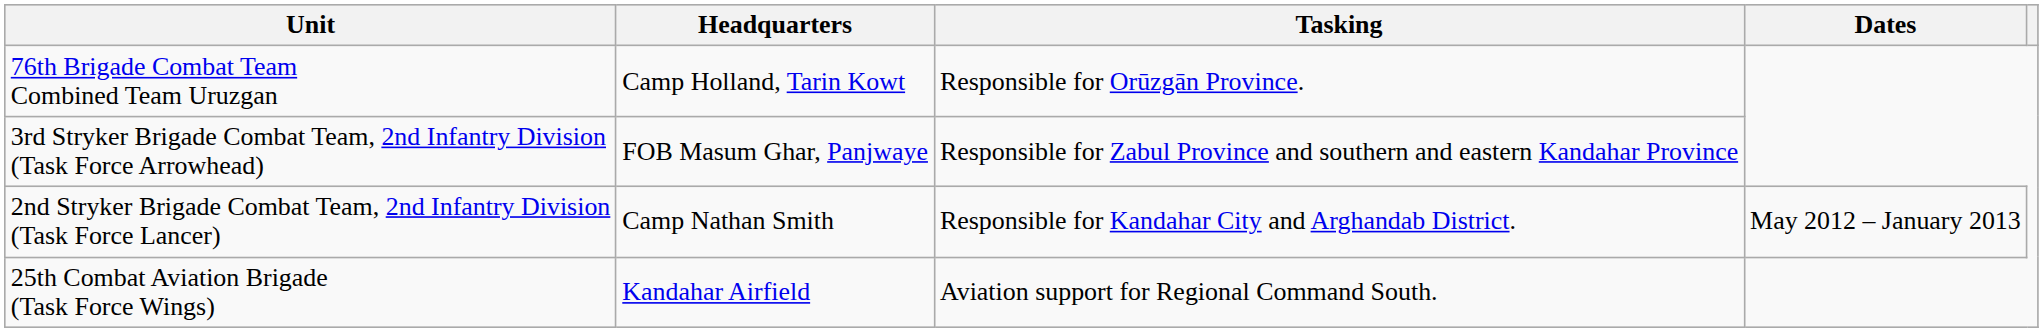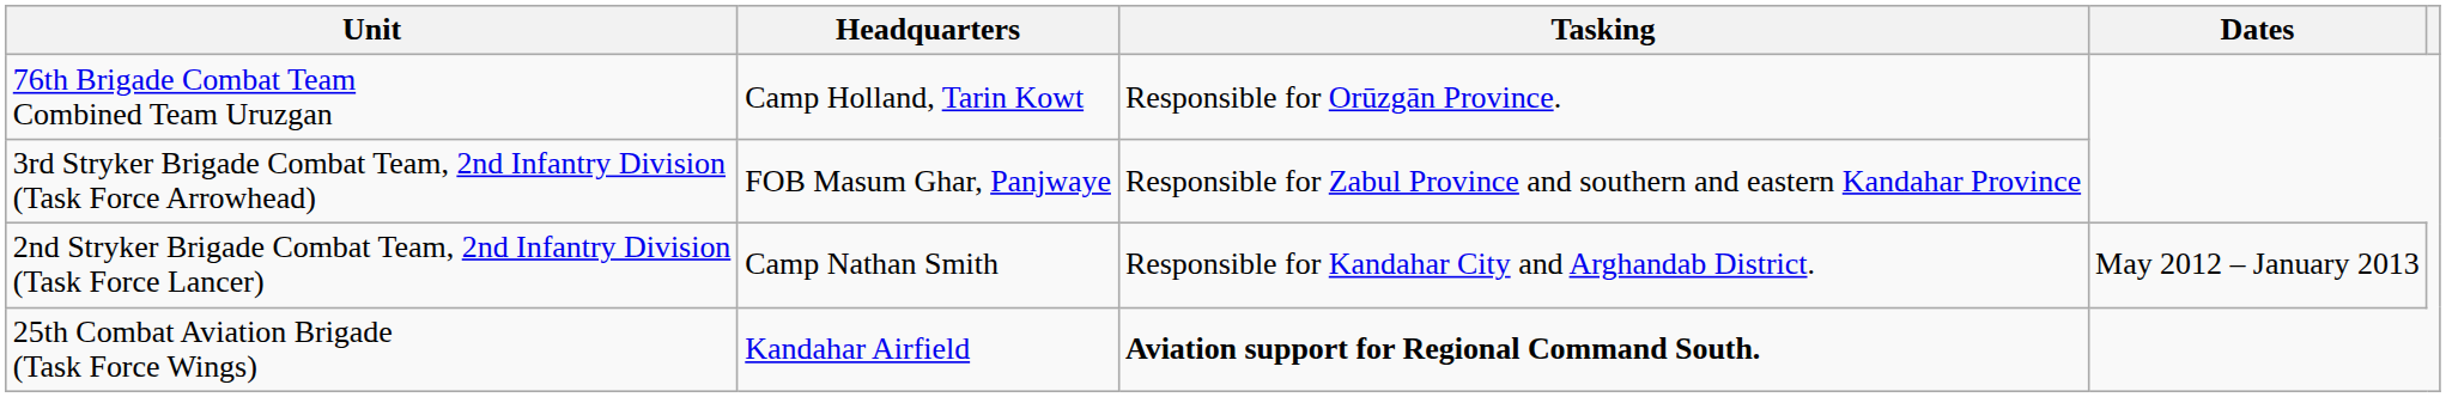 <table class="wikitable">
 <tr>
 <th>Unit</th>
 <th>Headquarters</th>
 <th>Tasking</th>
 <th>Dates</th>
 <th></th>
 </tr>
 <tr>
 <td><a href='#'>76th Brigade Combat Team</a><br>Combined Team Uruzgan</td>
 <td>Camp Holland, <a href='#'>Tarin Kowt</a></td>
 <td>Responsible for <a href='#'>Orūzgān Province</a>.</td>
 </tr>
 <tr>
 <td>3rd Stryker Brigade Combat Team, <a href='#'>2nd Infantry Division</a><br>(Task Force Arrowhead)</td>
 <td>FOB Masum Ghar, <a href='#'>Panjwaye</a></td>
 <td>Responsible for <a href='#'>Zabul Province</a> and southern and eastern <a href='#'>Kandahar Province</a></td>
 </tr>
 <tr>
 <td>2nd Stryker Brigade Combat Team, <a href='#'>2nd Infantry Division</a> <br>(Task Force Lancer)</td>
 <td>Camp Nathan Smith</td>
 <td>Responsible for <a href='#'>Kandahar City</a> and <a href='#'>Arghandab District</a>.</td>
 <td>May 2012 – January 2013</td>
 </tr>
 <tr>
 <td>25th Combat Aviation Brigade<br>(Task Force Wings)</td>
 <td><a href='#'>Kandahar Airfield</a></td>
-<td>Aviation support for Regional Command South.</td>
+<td><strong>Aviation support for Regional Command South.</strong></td>
 </tr>
 </table>
